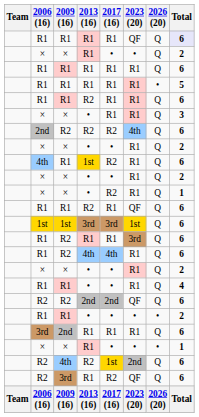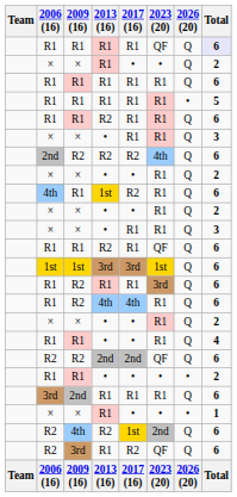 <table class="wikitable" style="text-align:center; font-size:90%;">
 <tr>
 <th scope="col">Team</th>
 <th scope="col"><a href='#'>2006</a><br>(16)</th>
 <th scope="col"><a href='#'>2009</a><br>(16)</th>
 <th scope="col"><a href='#'>2013</a><br>(16)</th>
 <th scope="col"><a href='#'>2017</a><br>(16)</th>
 <th scope="col"><a href='#'>2023</a><br>(20)</th>
 <th scope="col"><a href='#'>2026</a><br>(20)</th>
 <th scope="col">Total</th>
 </tr>
 <tr align=center>
 <td align=left></td>
 <td>R1<br></td>
 <td>R1<br></td>
 <td bgcolor=#ffcccc>R1<br></td>
 <td>R1<br></td>
 <td>QF<br></td>
 <td>Q</td>
 <td style="background: lavender;"><strong>6</strong></td>
 </tr>
 <tr align=center>
 <td align=left></td>
 <td>×</td>
 <td>×</td>
 <td bgcolor=#ffcccc>R1<br></td>
 <td>•</td>
 <td>•</td>
 <td>Q</td>
 <td><strong>2</strong></td>
 </tr>
 <tr align=center>
 <td align=left></td>
 <td>R1<br></td>
 <td bgcolor=#ffcccc>R1<br></td>
 <td>R1<br></td>
 <td>R1<br></td>
 <td>R1<br></td>
 <td>Q</td>
 <td><strong>6</strong></td>
 </tr>
 <tr align=center>
 <td align=left></td>
 <td>R1<br></td>
 <td>R1<br></td>
 <td>R1<br></td>
 <td>R1<br></td>
 <td bgcolor=#ffcccc>R1<br></td>
 <td>•</td>
 <td><strong>5</strong></td>
 </tr>
 <tr align=center>
 <td align=left></td>
 <td>R1<br></td>
 <td bgcolor=#ffcccc>R1<br></td>
 <td>R2<br></td>
 <td>R1<br></td>
 <td bgcolor=#ffcccc>R1<br></td>
 <td>Q</td>
 <td><strong>6</strong></td>
 </tr>
 <tr align=center>
 <td align=left></td>
 <td>×</td>
 <td>×</td>
 <td>•</td>
 <td>R1<br></td>
 <td bgcolor=#ffcccc>R1<br></td>
 <td>Q</td>
 <td><strong>3</strong></td>
 </tr>
 <tr align=center>
 <td align=left></td>
 <td bgcolor=silver>2nd</td>
 <td>R2<br></td>
 <td>R2<br></td>
 <td>R2<br></td>
 <td bgcolor=#9acdff>4th</td>
 <td>Q</td>
 <td><strong>6</strong></td>
 </tr>
 <tr align=center>
 <td align=left></td>
 <td>×</td>
 <td>×</td>
 <td>•</td>
 <td>•</td>
 <td>R1<br></td>
 <td>Q</td>
 <td><strong>2</strong></td>
 </tr>
 <tr align=center>
 <td align=left></td>
 <td bgcolor=#9acdff>4th</td>
 <td>R1<br></td>
 <td bgcolor=gold>1st</td>
 <td>R2<br></td>
 <td>R1<br></td>
 <td>Q</td>
 <td><strong>6</strong></td>
 </tr>
 <tr align=center>
 <td align=left></td>
 <td>×</td>
 <td>×</td>
 <td>•</td>
 <td>•</td>
 <td>R1<br></td>
 <td>Q</td>
 <td><strong>2</strong></td>
 </tr>
 <tr align=center>
 <td align=left></td>
 <td>×</td>
 <td>×</td>
 <td>•</td>
-<td>R2<br></td>
+<td>R1<br></td>
 <td>R1<br></td>
 <td>Q</td>
-<td><strong>1</strong></td>
+<td><strong>3</strong></td>
 </tr>
 <tr align=center>
 <td align=left></td>
 <td>R1<br></td>
 <td>R1<br></td>
 <td>R2<br></td>
 <td>R1<br></td>
 <td>QF<br></td>
 <td>Q</td>
 <td><strong>6</strong></td>
 </tr>
 <tr align=center>
 <td align=left></td>
 <td bgcolor=gold>1st</td>
 <td bgcolor=gold>1st</td>
 <td bgcolor=#cc9966>3rd</td>
 <td bgcolor=#cc9966>3rd</td>
 <td bgcolor=gold>1st</td>
 <td>Q</td>
 <td><strong>6</strong></td>
 </tr>
 <tr align=center>
 <td align=left></td>
 <td>R1<br></td>
 <td>R2<br></td>
 <td bgcolor=#ffcccc>R1<br></td>
 <td>R1<br></td>
 <td bgcolor=#cc9966>3rd</td>
 <td>Q</td>
 <td><strong>6</strong></td>
 </tr>
 <tr align=center>
 <td align=left></td>
 <td>R1<br></td>
 <td>R2<br></td>
 <td bgcolor=#9acdff>4th</td>
 <td bgcolor=#9acdff>4th</td>
 <td>R1<br></td>
 <td>Q</td>
 <td><strong>6</strong></td>
 </tr>
 <tr align=center>
 <td align=left></td>
 <td>×</td>
 <td>×</td>
 <td>•</td>
 <td>•</td>
 <td bgcolor=#ffcccc>R1<br></td>
 <td>Q</td>
 <td><strong>2</strong></td>
 </tr>
 <tr align=center>
 <td align=left></td>
 <td>R1<br></td>
 <td bgcolor=#ffcccc>R1<br></td>
 <td>•</td>
 <td>•</td>
 <td>R1<br></td>
 <td>Q</td>
 <td><strong>4</strong></td>
 </tr>
 <tr align=center>
 <td align=left></td>
 <td>R2<br></td>
 <td>R2<br></td>
 <td bgcolor=silver>2nd</td>
 <td bgcolor=silver>2nd</td>
 <td>QF<br></td>
 <td>Q</td>
 <td><strong>6</strong></td>
 </tr>
 <tr align=center>
 <td align=left></td>
 <td>R1<br></td>
 <td bgcolor=#ffcccc>R1<br></td>
 <td>•</td>
 <td>•</td>
 <td>•</td>
 <td>•</td>
 <td><strong>2</strong></td>
 </tr>
 <tr align=center>
 <td align=left></td>
 <td bgcolor=#cc9966>3rd</td>
 <td bgcolor=silver>2nd</td>
 <td>R1<br></td>
 <td>R1<br></td>
 <td>R1<br></td>
 <td>Q</td>
 <td><strong>6</strong></td>
 </tr>
 <tr align=center>
 <td align=left></td>
 <td>×</td>
 <td>×</td>
 <td bgcolor=#ffcccc>R1<br></td>
 <td>•</td>
 <td>•</td>
 <td>•</td>
 <td><strong>1</strong></td>
 </tr>
 <tr align=center>
 <td align=left></td>
 <td>R2<br></td>
 <td bgcolor=#9acdff>4th</td>
 <td>R2<br></td>
 <td bgcolor=gold>1st</td>
 <td bgcolor=silver>2nd</td>
 <td>Q</td>
 <td><strong>6</strong></td>
 </tr>
 <tr align=center>
 <td align=left></td>
 <td>R2<br></td>
 <td bgcolor=#cc9966>3rd</td>
 <td>R1<br></td>
 <td>R2<br></td>
 <td>QF<br></td>
 <td>Q</td>
 <td><strong>6</strong></td>
 </tr>
 <tr style="background:#cccccc;" align=center>
 <th scope="col">Team</th>
 <th scope="col"><a href='#'>2006</a><br>(16)</th>
 <th scope="col"><a href='#'>2009</a><br>(16)</th>
 <th scope="col"><a href='#'>2013</a><br>(16)</th>
 <th scope="col"><a href='#'>2017</a><br>(16)</th>
 <th scope="col"><a href='#'>2023</a><br>(20)</th>
 <th scope="col"><a href='#'>2026</a><br>(20)</th>
 <th scope="col">Total</th>
 </tr>
 </table>
